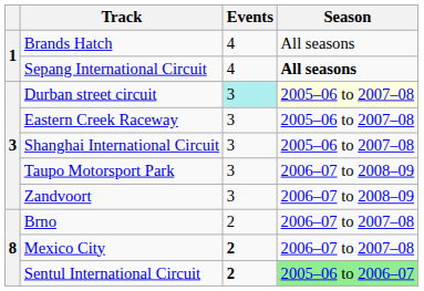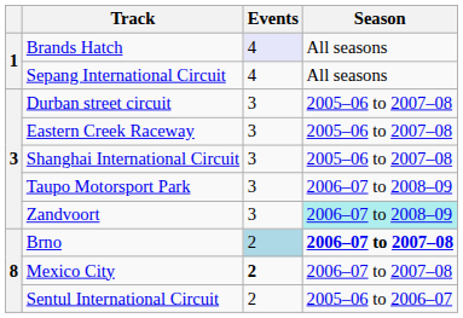 <table class="wikitable">
 <tr>
 <th></th>
 <th>Track</th>
 <th>Events</th>
 <th>Season</th>
 </tr>
 <tr>
 <th rowspan=2>1</th>
 <td> <a href='#'>Brands Hatch</a></td>
-<td>4</td>
+<td style="background: lavender;">4</td>
 <td>All seasons</td>
 </tr>
 <tr>
 <td> <a href='#'>Sepang International Circuit</a></td>
 <td>4</td>
-<td><strong>All seasons</strong></td>
+<td>All seasons</td>
 </tr>
 <tr>
 <th rowspan=5>3</th>
 <td> <a href='#'>Durban street circuit</a></td>
-<td style="background: paleturquoise;">3</td>
-<td style="background: lightyellow;"><a href='#'>2005–06</a> to <a href='#'>2007–08</a></td>
+<td>3</td>
+<td><a href='#'>2005–06</a> to <a href='#'>2007–08</a></td>
 </tr>
 <tr>
 <td> <a href='#'>Eastern Creek Raceway</a></td>
 <td>3</td>
 <td><a href='#'>2005–06</a> to <a href='#'>2007–08</a></td>
 </tr>
 <tr>
 <td> <a href='#'>Shanghai International Circuit</a></td>
 <td>3</td>
 <td><a href='#'>2005–06</a> to <a href='#'>2007–08</a></td>
 </tr>
 <tr>
 <td> <a href='#'>Taupo Motorsport Park</a></td>
 <td>3</td>
 <td><a href='#'>2006–07</a> to <a href='#'>2008–09</a></td>
 </tr>
 <tr>
 <td> <a href='#'>Zandvoort</a></td>
 <td>3</td>
-<td><a href='#'>2006–07</a> to <a href='#'>2008–09</a></td>
+<td style="background: paleturquoise;"><a href='#'>2006–07</a> to <a href='#'>2008–09</a></td>
 </tr>
 <tr>
 <th rowspan=3>8</th>
 <td> <a href='#'>Brno</a></td>
-<td>2</td>
-<td><a href='#'>2006–07</a> to <a href='#'>2007–08</a></td>
+<td style="background: lightblue;">2</td>
+<td><strong><a href='#'>2006–07</a> to <a href='#'>2007–08</a></strong></td>
 </tr>
 <tr>
 <td> <a href='#'>Mexico City</a></td>
 <td><strong>2</strong></td>
 <td><a href='#'>2006–07</a> to <a href='#'>2007–08</a></td>
 </tr>
 <tr>
 <td> <a href='#'>Sentul International Circuit</a></td>
-<td><strong>2</strong></td>
-<td style="background: lightgreen;"><a href='#'>2005–06</a> to <a href='#'>2006–07</a></td>
+<td>2</td>
+<td><a href='#'>2005–06</a> to <a href='#'>2006–07</a></td>
 </tr>
 </table>
